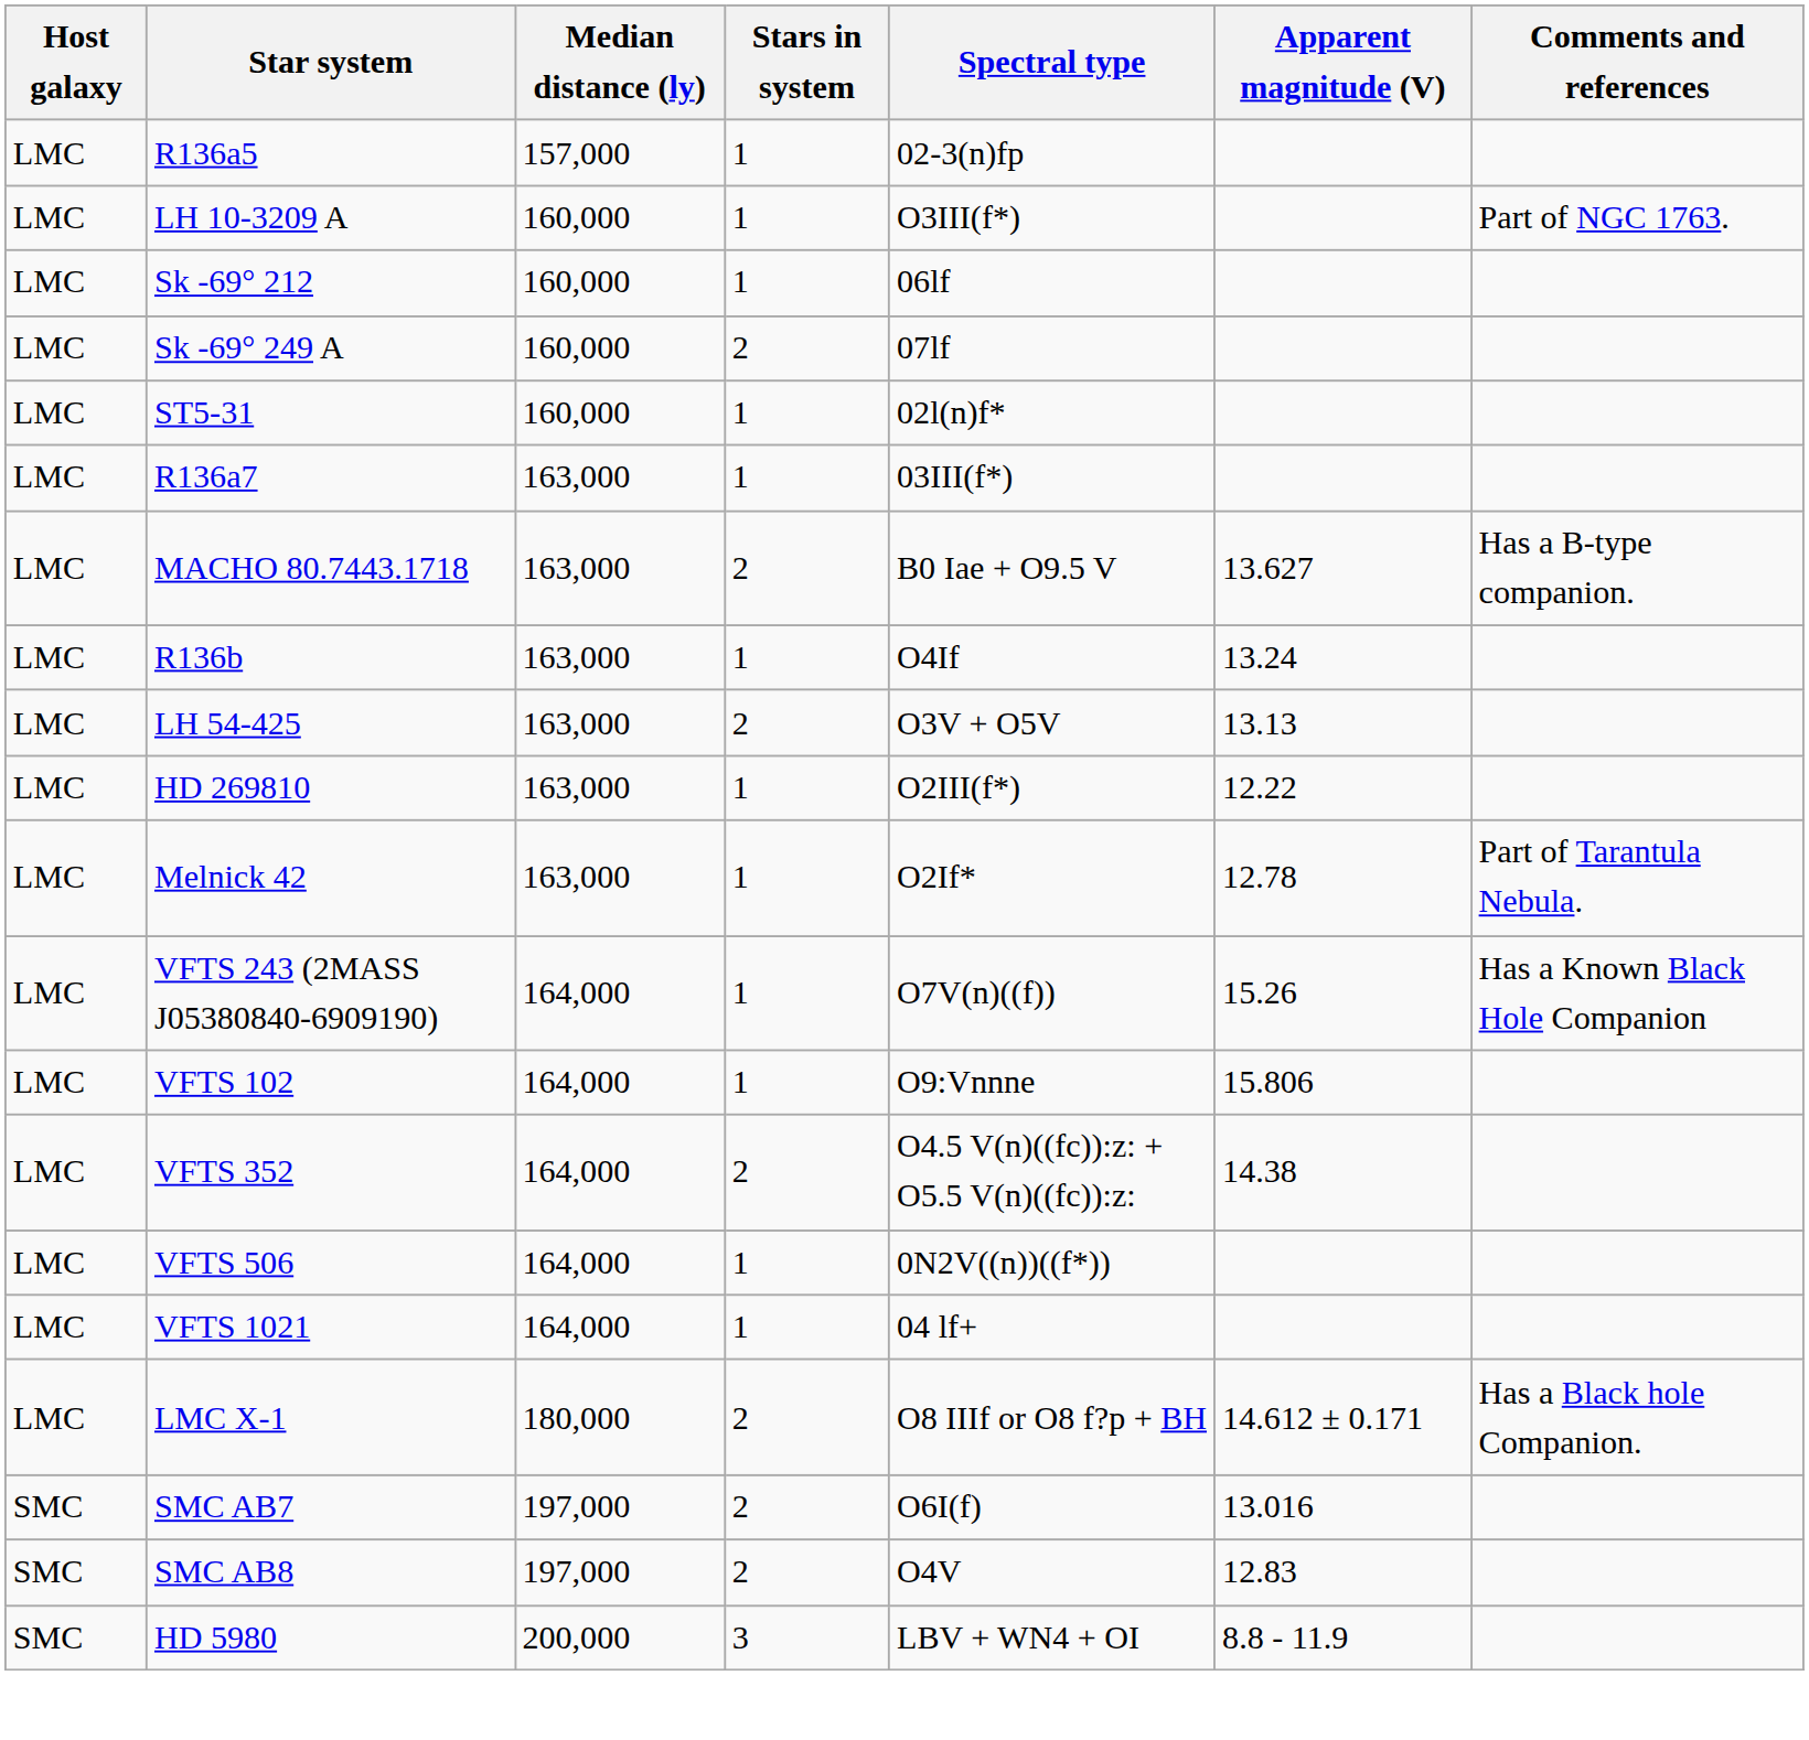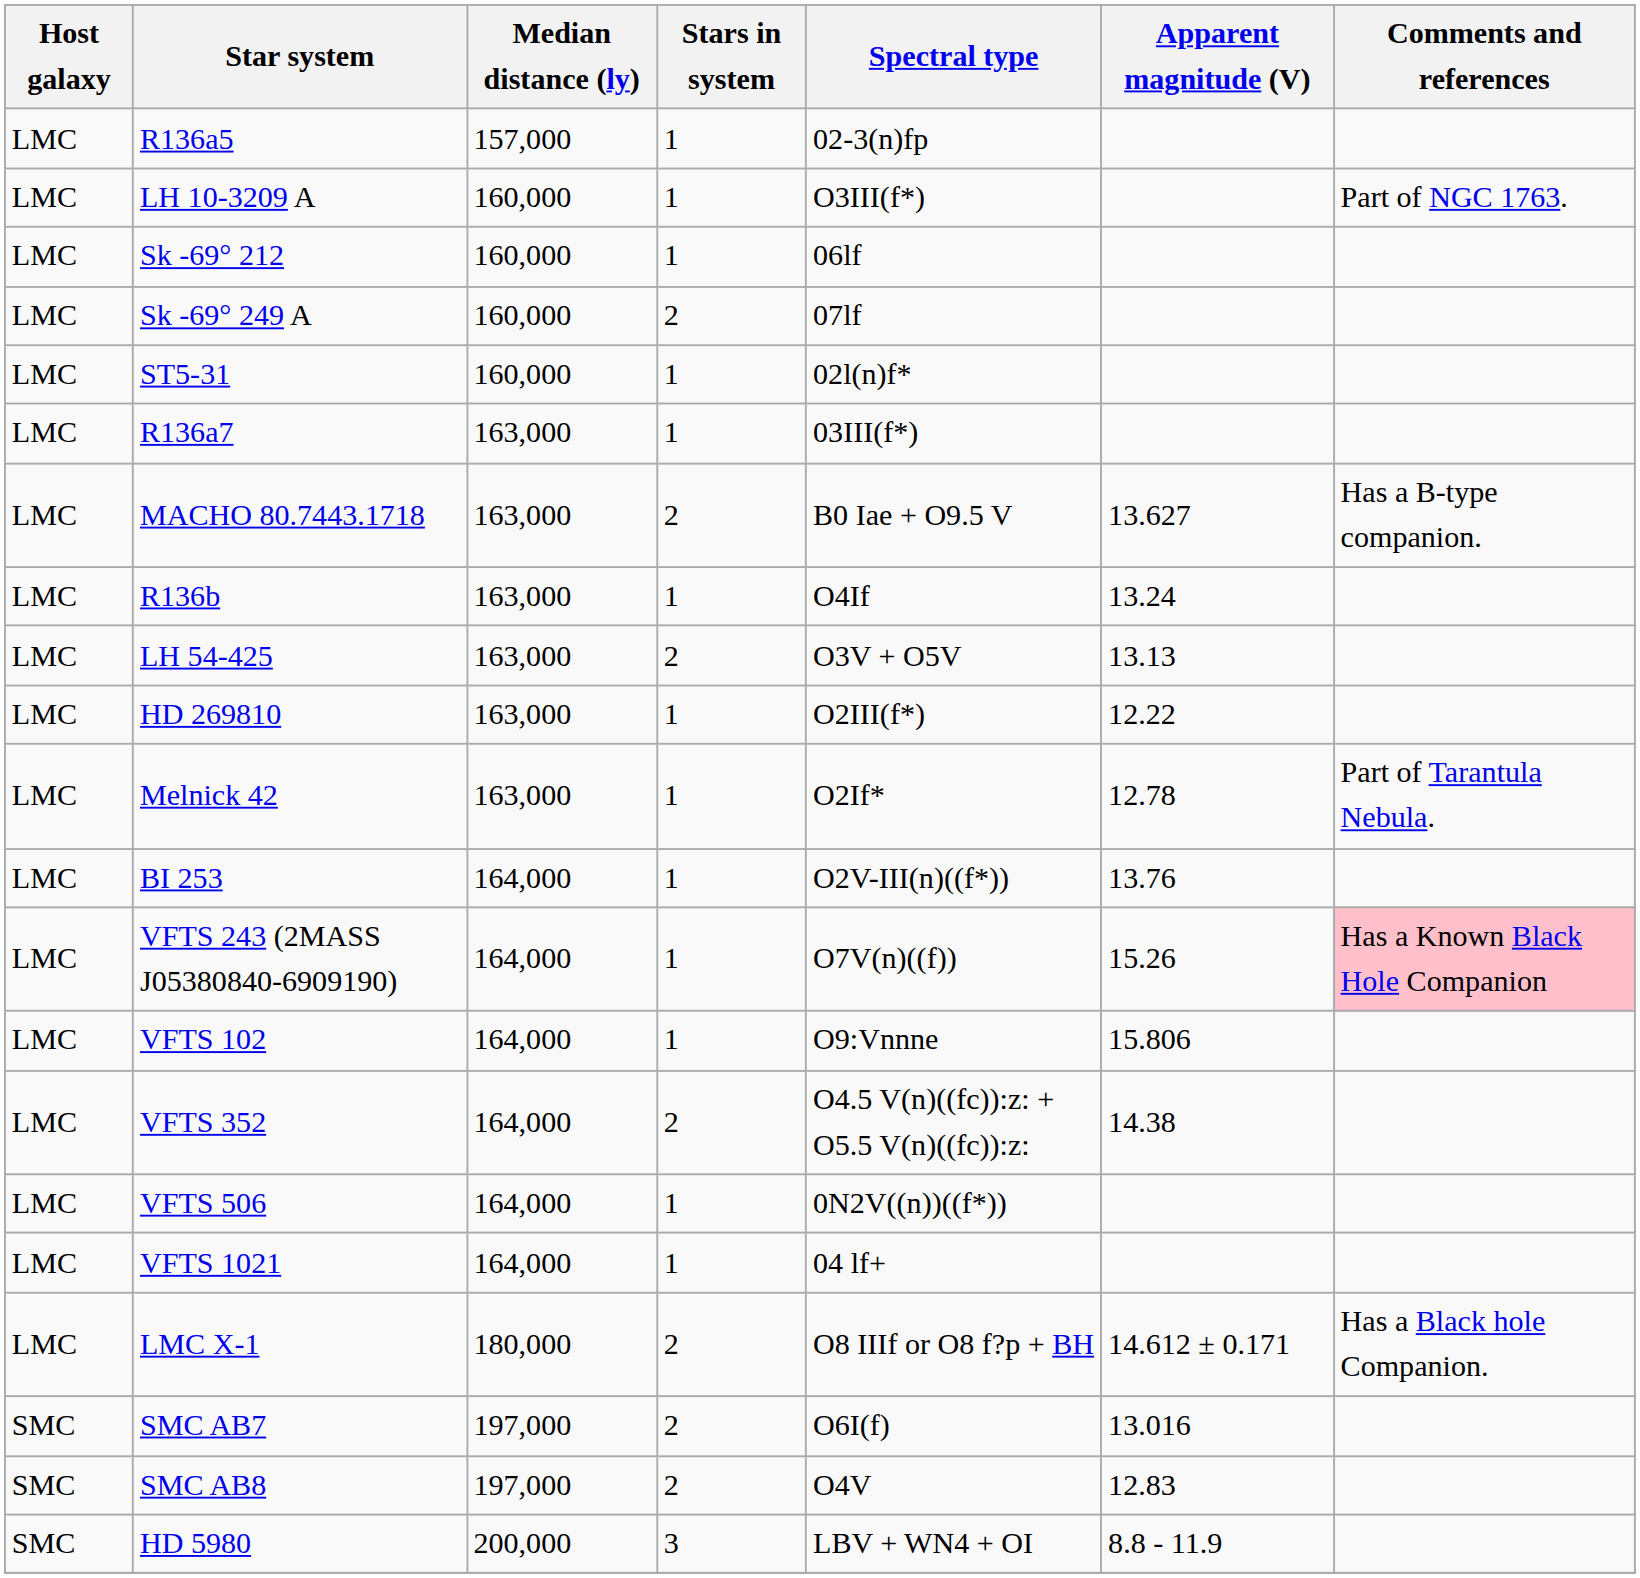 <table class="wikitable sortable" style="font-size:1.00em; line-height:1.5em; position:relative;">
 <tr>
 <th>Host galaxy</th>
 <th scope="col">Star system</th>
 <th scope="col">Median distance (<a href='#'>ly</a>)</th>
 <th scope="col">Stars in system</th>
 <th scope="col"><a href='#'>Spectral type</a></th>
 <th scope="col"><a href='#'>Apparent magnitude</a> (V)</th>
 <th scope="col">Comments and references</th>
 </tr>
 <tr>
 <td>LMC</td>
 <td><a href='#'>R136a5</a></td>
 <td>157,000</td>
 <td>1</td>
 <td style="background: ">02-3(n)fp</td>
 <td></td>
 <td></td>
 </tr>
 <tr>
 <td>LMC</td>
 <td><a href='#'>LH 10-3209</a> A</td>
 <td>160,000</td>
 <td>1</td>
 <td style="background: ">O3III(f*)</td>
 <td></td>
 <td>Part of <a href='#'>NGC 1763</a>.</td>
 </tr>
 <tr>
 <td>LMC</td>
 <td><a href='#'>Sk -69° 212</a></td>
 <td>160,000</td>
 <td>1</td>
 <td style="background: ">06lf</td>
 <td></td>
 <td></td>
 </tr>
 <tr>
 <td>LMC</td>
 <td><a href='#'>Sk -69° 249</a> A</td>
 <td>160,000</td>
 <td>2</td>
 <td style="background: ">07lf</td>
 <td></td>
 <td></td>
 </tr>
 <tr>
 <td>LMC</td>
 <td><a href='#'>ST5-31</a></td>
 <td>160,000</td>
 <td>1</td>
 <td style="background: ">02l(n)f*</td>
 <td></td>
 <td></td>
 </tr>
 <tr>
 <td>LMC</td>
 <td><a href='#'>R136a7</a></td>
 <td>163,000</td>
 <td>1</td>
 <td style="background: ">03III(f*)</td>
 <td></td>
 <td></td>
 </tr>
 <tr>
 <td>LMC</td>
 <td><a href='#'>MACHO 80.7443.1718</a></td>
 <td>163,000</td>
 <td>2</td>
 <td style="background: ">B0 Iae + O9.5 V</td>
 <td>13.627</td>
 <td>Has a B-type companion.</td>
 </tr>
 <tr>
 <td>LMC</td>
 <td><a href='#'>R136b</a></td>
 <td>163,000</td>
 <td>1</td>
 <td style="background: ">O4If</td>
 <td>13.24</td>
 <td></td>
 </tr>
 <tr>
 <td>LMC</td>
 <td><a href='#'>LH 54-425</a></td>
 <td>163,000</td>
 <td>2</td>
 <td style="background: ">O3V + O5V</td>
 <td>13.13</td>
 <td></td>
 </tr>
 <tr>
 <td>LMC</td>
 <td><a href='#'>HD 269810</a></td>
 <td>163,000</td>
 <td>1</td>
 <td style="background: ">O2III(f*)</td>
 <td>12.22</td>
 <td></td>
 </tr>
 <tr>
 <td>LMC</td>
 <td><a href='#'>Melnick 42</a></td>
 <td>163,000</td>
 <td>1</td>
 <td style="background: ">O2If*</td>
 <td>12.78</td>
 <td>Part of <a href='#'>Tarantula Nebula</a>.</td>
 </tr>
 <tr>
 <td>LMC</td>
+<td><a href='#'>BI 253</a></td>
+<td>164,000</td>
+<td>1</td>
+<td style="background: ">O2V-III(n)((f*))</td>
+<td>13.76</td>
+<td></td>
+</tr>
+<tr>
+<td>LMC</td>
 <td><a href='#'>VFTS 243</a> (2MASS J05380840-6909190)</td>
 <td>164,000</td>
 <td>1</td>
 <td style="background: ">O7V(n)((f))</td>
 <td>15.26</td>
-<td>Has a Known <a href='#'>Black Hole</a> Companion</td>
+<td style="background: pink;">Has a Known <a href='#'>Black Hole</a> Companion</td>
 </tr>
 <tr>
 <td>LMC</td>
 <td><a href='#'>VFTS 102</a></td>
 <td>164,000</td>
 <td>1</td>
 <td style="background: ">O9:Vnnne</td>
 <td>15.806</td>
 <td></td>
 </tr>
 <tr>
 <td>LMC</td>
 <td><a href='#'>VFTS 352</a></td>
 <td>164,000</td>
 <td>2</td>
 <td style="background: ">O4.5 V(n)((fc)):z: + O5.5 V(n)((fc)):z:</td>
 <td>14.38</td>
 <td></td>
 </tr>
 <tr>
 <td>LMC</td>
 <td><a href='#'>VFTS 506</a></td>
 <td>164,000</td>
 <td>1</td>
 <td style="background: ">0N2V((n))((f*))</td>
 <td></td>
 <td></td>
 </tr>
 <tr>
 <td>LMC</td>
 <td><a href='#'>VFTS 1021</a></td>
 <td>164,000</td>
 <td>1</td>
 <td style="background: ">04 lf+</td>
 <td></td>
 <td></td>
 </tr>
 <tr>
 <td>LMC</td>
 <td><a href='#'>LMC X-1</a></td>
 <td>180,000</td>
 <td>2</td>
 <td style="background: ">O8 IIIf or O8 f?p + <a href='#'>BH</a></td>
 <td>14.612 ± 0.171</td>
 <td>Has a <a href='#'>Black hole</a> Companion.</td>
 </tr>
 <tr>
 <td>SMC</td>
 <td><a href='#'>SMC AB7</a></td>
 <td>197,000</td>
 <td>2</td>
 <td style="background: ">O6I(f)</td>
 <td>13.016</td>
 <td></td>
 </tr>
 <tr>
 <td>SMC</td>
 <td><a href='#'>SMC AB8</a></td>
 <td>197,000</td>
 <td>2</td>
 <td style="background: ">O4V</td>
 <td>12.83</td>
 <td></td>
 </tr>
 <tr>
 <td>SMC</td>
 <td><a href='#'>HD 5980</a></td>
 <td>200,000</td>
 <td>3</td>
 <td style="background: ">LBV + WN4 + OI</td>
 <td>8.8 - 11.9</td>
 <td></td>
 </tr>
 <tr>
 </tr>
 </table>
